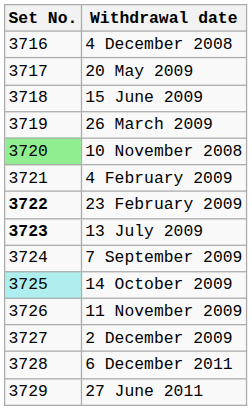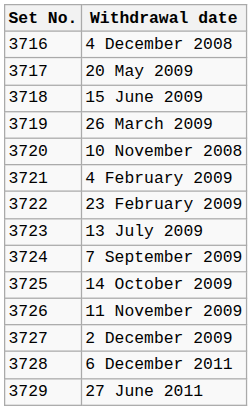 <table class="wikitable">
 <tr>
 <th>Set No.</th>
 <th>Withdrawal date</th>
 </tr>
 <tr>
 <td>3716</td>
 <td>4 December 2008</td>
 </tr>
 <tr>
 <td>3717</td>
 <td>20 May 2009</td>
 </tr>
 <tr>
 <td>3718</td>
 <td>15 June 2009</td>
 </tr>
 <tr>
 <td>3719</td>
 <td>26 March 2009</td>
 </tr>
 <tr>
-<td style="background: lightgreen;">3720</td>
+<td>3720</td>
 <td>10 November 2008</td>
 </tr>
 <tr>
 <td>3721</td>
 <td>4 February 2009</td>
 </tr>
 <tr>
-<td><strong>3722</strong></td>
+<td>3722</td>
 <td>23 February 2009</td>
 </tr>
 <tr>
-<td><strong>3723</strong></td>
+<td>3723</td>
 <td>13 July 2009</td>
 </tr>
 <tr>
 <td>3724</td>
 <td>7 September 2009</td>
 </tr>
 <tr>
-<td style="background: paleturquoise;">3725</td>
+<td>3725</td>
 <td>14 October 2009</td>
 </tr>
 <tr>
 <td>3726</td>
 <td>11 November 2009</td>
 </tr>
 <tr>
 <td>3727</td>
 <td>2 December 2009</td>
 </tr>
 <tr>
 <td>3728</td>
 <td>6 December 2011</td>
 </tr>
 <tr>
 <td>3729</td>
 <td>27 June 2011</td>
 </tr>
 </table>
